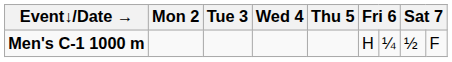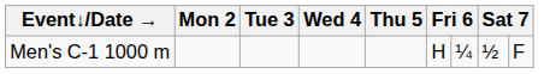 <table class="wikitable olympic-schedule canoeing">
 <tr>
 <th>Event↓/Date →</th>
 <th colspan="2">Mon 2</th>
 <th colspan="2">Tue 3</th>
 <th colspan="2">Wed 4</th>
 <th colspan="2">Thu 5</th>
 <th colspan="2">Fri 6</th>
 <th colspan="2">Sat 7</th>
 </tr>
 <tr>
-<td class="event"><strong>Men's C-1 1000 m</strong></td>
+<td class="event">Men's C-1 1000 m</td>
 <td colspan="2"></td>
 <td colspan="2"></td>
 <td colspan="2"></td>
 <td colspan="2"></td>
 <td class="heats">H</td>
 <td class="quarterfinals">¼</td>
 <td class="semifinals">½</td>
 <td class="final">F</td>
 </tr>
 </table>
